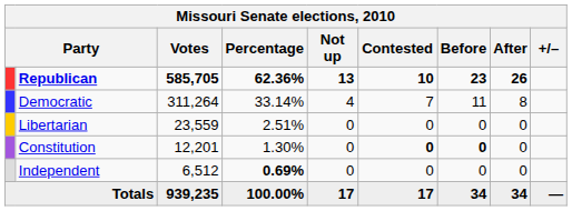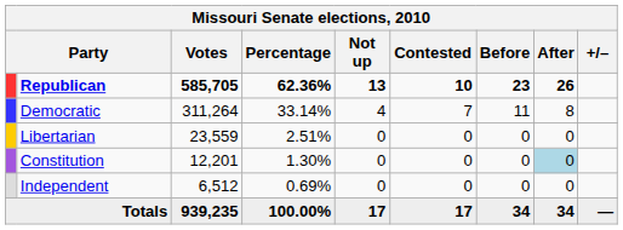 <table class="wikitable" style="font-size:95%;">
 <tr>
 <th colspan="9">Missouri Senate elections, 2010</th>
 </tr>
 <tr>
 <th colspan=2 style="width: 10em">Party</th>
 <th style="width: 4em">Votes</th>
 <th style="width: 5em">Percentage</th>
 <th style="width: 3em">Not up</th>
 <th style="width: 5em">Contested</th>
 <th style="width: 3em">Before</th>
 <th style="width: 1em">After</th>
 <th style="width: 2em">+/–</th>
 </tr>
 <tr>
 <th style="background-color:#FF3333; width: 3px"></th>
 <td style="width: 130px"><strong><a href='#'>Republican</a></strong></td>
 <td align="right"><strong>585,705</strong></td>
 <td align="right"><strong>62.36%</strong></td>
 <td align="right"><strong>13</strong></td>
 <td align="right"><strong>10</strong></td>
 <td align="right"><strong>23</strong></td>
 <td align="right"><strong>26</strong></td>
 <td align="right"><strong></strong></td>
 </tr>
 <tr>
 <th style="background-color:#3333FF; width: 3px"></th>
 <td style="width: 130px"><a href='#'>Democratic</a></td>
 <td align="right">311,264</td>
 <td align="right">33.14%</td>
 <td align="right">4</td>
 <td align="right">7</td>
 <td align="right">11</td>
 <td align="right">8</td>
 <td align="right"></td>
 </tr>
 <tr>
 <th style="background-color:#FFCC00; width: 3px"></th>
 <td style="width: 130px"><a href='#'>Libertarian</a></td>
 <td align="right">23,559</td>
 <td align="right">2.51%</td>
 <td align="right">0</td>
 <td align="right">0</td>
 <td align="right">0</td>
 <td align="right">0</td>
 <td align="right"></td>
 </tr>
 <tr>
 <th style="background-color:#A356DE; width: 3px"></th>
 <td style="width: 130px"><a href='#'>Constitution</a></td>
 <td align="right">12,201</td>
 <td align="right">1.30%</td>
 <td align="right">0</td>
-<td align="right"><strong>0</strong></td>
-<td align="right"><strong>0</strong></td>
 <td align="right">0</td>
+<td align="right">0</td>
+<td align="right" style="background: lightblue;">0</td>
 <td align="right"></td>
 </tr>
 <tr>
 <th style="background-color:#DDDDDD; width: 3px"></th>
 <td style="width: 130px"><a href='#'>Independent</a></td>
 <td align="right">6,512</td>
-<td align="right"><strong>0.69%</strong></td>
+<td align="right">0.69%</td>
 <td align="right">0</td>
 <td align="right">0</td>
 <td align="right">0</td>
 <td align="right">0</td>
 <td align="right"></td>
 </tr>
 <tr bgcolor="#EEEEEE">
 <td colspan="2" align="right"><strong>Totals</strong></td>
 <td align="right"><strong>939,235</strong></td>
 <td align="right"><strong>100.00%</strong></td>
 <td align="right"><strong>17</strong></td>
 <td align="right"><strong>17</strong></td>
 <td align="right"><strong>34</strong></td>
 <td align="right"><strong>34</strong></td>
 <td align="right"><strong>—</strong></td>
 </tr>
 </table>
